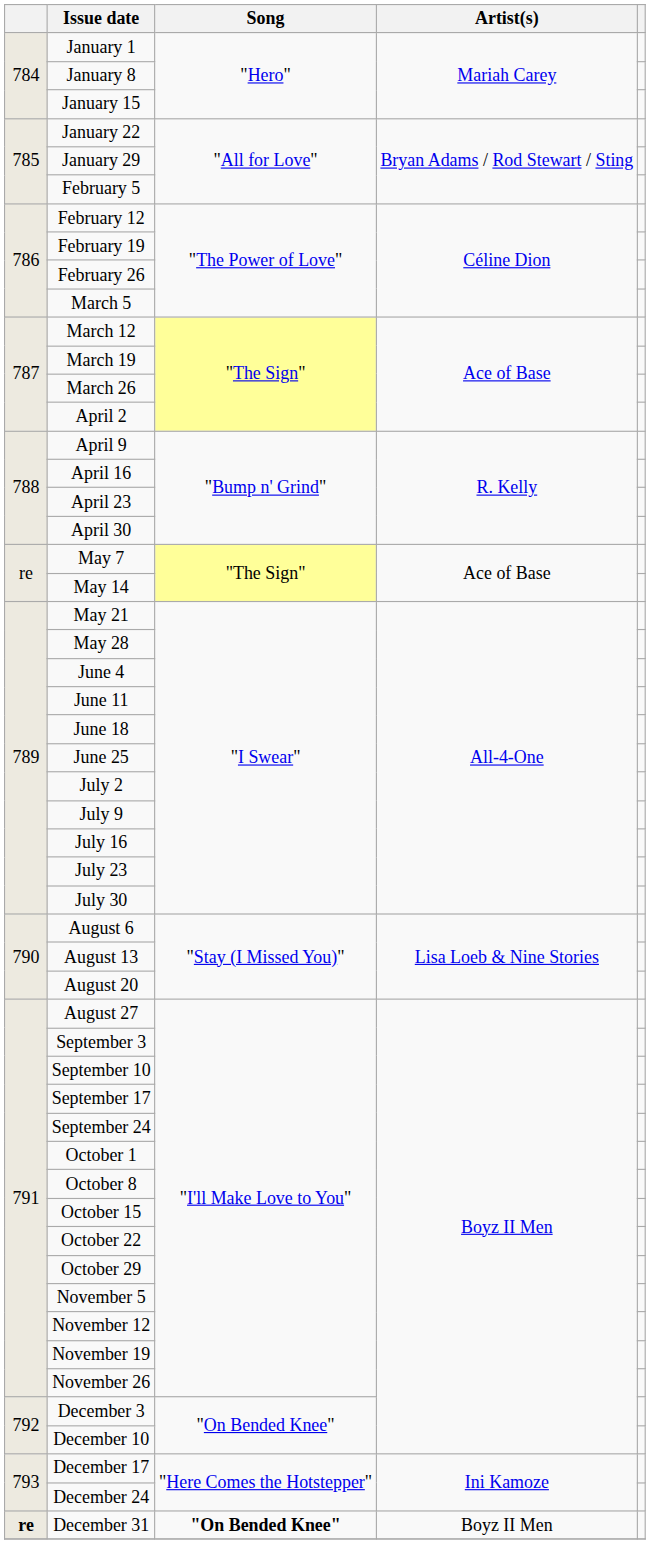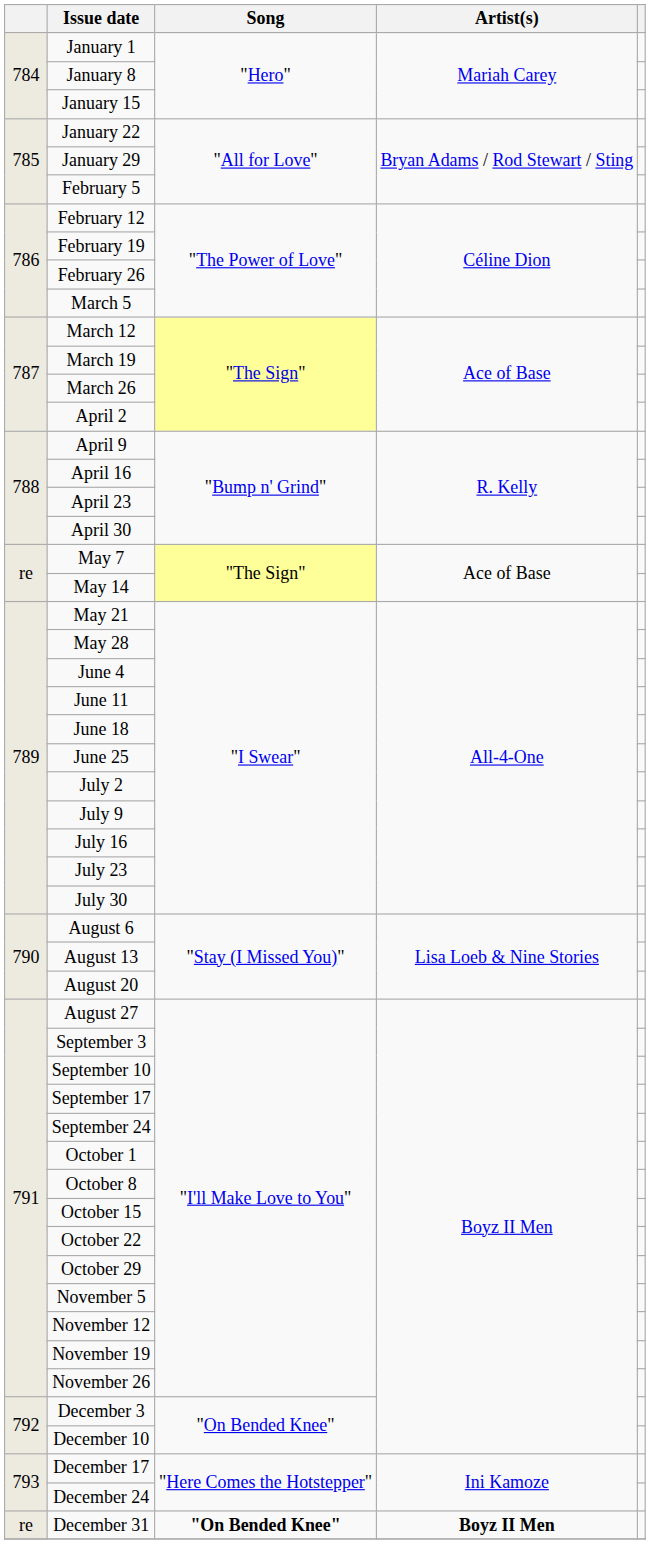 <table class="wikitable">
 <tr>
 <th width=31></th>
 <th align="center">Issue date</th>
 <th align="center">Song</th>
 <th align="center">Artist(s)</th>
 <th align="center"></th>
 </tr>
 <tr>
 <td bgcolor=#EDEAE0 align=center rowspan=3>784</td>
 <td align="center">January 1</td>
 <td align="center" rowspan="3">"<a href='#'>Hero</a>"</td>
 <td align="center" rowspan="3"><a href='#'>Mariah Carey</a></td>
 <td align="center"></td>
 </tr>
 <tr>
 <td align="center">January 8</td>
 <td align="center"></td>
 </tr>
 <tr>
 <td align="center">January 15</td>
 <td align="center"></td>
 </tr>
 <tr>
 <td bgcolor=#EDEAE0 align=center rowspan=3>785</td>
 <td align="center">January 22</td>
 <td align="center" rowspan="3">"<a href='#'>All for Love</a>"</td>
 <td align="center" rowspan="3"><a href='#'>Bryan Adams</a> / <a href='#'>Rod Stewart</a> / <a href='#'>Sting</a></td>
 <td align="center"></td>
 </tr>
 <tr>
 <td align="center">January 29</td>
 <td align="center"></td>
 </tr>
 <tr>
 <td align="center">February 5</td>
 <td align="center"></td>
 </tr>
 <tr>
 <td bgcolor=#EDEAE0 align=center rowspan=4>786</td>
 <td align="center">February 12</td>
 <td align="center" rowspan="4">"<a href='#'>The Power of Love</a>"</td>
 <td align="center" rowspan="4"><a href='#'>Céline Dion</a></td>
 <td align="center"></td>
 </tr>
 <tr>
 <td align="center">February 19</td>
 <td align="center"></td>
 </tr>
 <tr>
 <td align="center">February 26</td>
 <td align="center"></td>
 </tr>
 <tr>
 <td align="center">March 5</td>
 <td align="center"></td>
 </tr>
 <tr>
 <td bgcolor=#EDEAE0 align=center rowspan=4>787</td>
 <td align="center">March 12</td>
 <td bgcolor=#FFFF99 align="center" rowspan="4">"<a href='#'>The Sign</a>"</td>
 <td align="center" rowspan="4"><a href='#'>Ace of Base</a></td>
 <td align="center"></td>
 </tr>
 <tr>
 <td align="center">March 19</td>
 <td align="center"></td>
 </tr>
 <tr>
 <td align="center">March 26</td>
 <td align="center"></td>
 </tr>
 <tr>
 <td align="center">April 2</td>
 <td align="center"></td>
 </tr>
 <tr>
 <td bgcolor=#EDEAE0 align=center rowspan=4>788</td>
 <td align="center">April 9</td>
 <td align="center" rowspan="4">"<a href='#'>Bump n' Grind</a>"</td>
 <td align="center" rowspan="4"><a href='#'>R. Kelly</a></td>
 <td align="center"></td>
 </tr>
 <tr>
 <td align="center">April 16</td>
 <td align="center"></td>
 </tr>
 <tr>
 <td align="center">April 23</td>
 <td align="center"></td>
 </tr>
 <tr>
 <td align="center">April 30</td>
 <td align="center"></td>
 </tr>
 <tr>
 <td bgcolor=#EDEAE0 align=center rowspan=2>re</td>
 <td align="center">May 7</td>
 <td bgcolor=#FFFF99 align="center" rowspan="2">"The Sign"</td>
 <td align="center" rowspan="2">Ace of Base</td>
 <td align="center"></td>
 </tr>
 <tr>
 <td align="center">May 14</td>
 <td align="center"></td>
 </tr>
 <tr>
 <td bgcolor=#EDEAE0 align=center rowspan=11>789</td>
 <td align="center">May 21</td>
 <td align="center" rowspan="11">"<a href='#'>I Swear</a>"</td>
 <td align="center" rowspan="11"><a href='#'>All-4-One</a></td>
 <td align="center"></td>
 </tr>
 <tr>
 <td align="center">May 28</td>
 <td align="center"></td>
 </tr>
 <tr>
 <td align="center">June 4</td>
 <td align="center"></td>
 </tr>
 <tr>
 <td align="center">June 11</td>
 <td align="center"></td>
 </tr>
 <tr>
 <td align="center">June 18</td>
 <td align="center"></td>
 </tr>
 <tr>
 <td align="center">June 25</td>
 <td align="center"></td>
 </tr>
 <tr>
 <td align="center">July 2</td>
 <td align="center"></td>
 </tr>
 <tr>
 <td align="center">July 9</td>
 <td align="center"></td>
 </tr>
 <tr>
 <td align="center">July 16</td>
 <td align="center"></td>
 </tr>
 <tr>
 <td align="center">July 23</td>
 <td align="center"></td>
 </tr>
 <tr>
 <td align="center">July 30</td>
 <td align="center"></td>
 </tr>
 <tr>
 <td bgcolor=#EDEAE0 align=center rowspan=3>790</td>
 <td align="center">August 6</td>
 <td align="center" rowspan="3">"<a href='#'>Stay (I Missed You)</a>"</td>
 <td align="center" rowspan="3"><a href='#'>Lisa Loeb & Nine Stories</a></td>
 <td align="center"></td>
 </tr>
 <tr>
 <td align="center">August 13</td>
 <td align="center"></td>
 </tr>
 <tr>
 <td align="center">August 20</td>
 <td align="center"></td>
 </tr>
 <tr>
 <td bgcolor=#EDEAE0 align=center rowspan=14>791</td>
 <td align="center">August 27</td>
 <td align="center" rowspan="14">"<a href='#'>I'll Make Love to You</a>"</td>
 <td align="center" rowspan="16"><a href='#'>Boyz II Men</a></td>
 <td align="center"></td>
 </tr>
 <tr>
 <td align="center">September 3</td>
 <td align="center"></td>
 </tr>
 <tr>
 <td align="center">September 10</td>
 <td align="center"></td>
 </tr>
 <tr>
 <td align="center">September 17</td>
 <td align="center"></td>
 </tr>
 <tr>
 <td align="center">September 24</td>
 <td align="center"></td>
 </tr>
 <tr>
 <td align="center">October 1</td>
 <td align="center"></td>
 </tr>
 <tr>
 <td align="center">October 8</td>
 <td align="center"></td>
 </tr>
 <tr>
 <td align="center">October 15</td>
 <td align="center"></td>
 </tr>
 <tr>
 <td align="center">October 22</td>
 <td align="center"></td>
 </tr>
 <tr>
 <td align="center">October 29</td>
 <td align="center"></td>
 </tr>
 <tr>
 <td align="center">November 5</td>
 <td align="center"></td>
 </tr>
 <tr>
 <td align="center">November 12</td>
 <td align="center"></td>
 </tr>
 <tr>
 <td align="center">November 19</td>
 <td align="center"></td>
 </tr>
 <tr>
 <td align="center">November 26</td>
 <td align="center"></td>
 </tr>
 <tr>
 <td bgcolor=#EDEAE0 align=center rowspan=2>792</td>
 <td align="center">December 3</td>
 <td align="center" rowspan="2">"<a href='#'>On Bended Knee</a>"</td>
 <td align="center"></td>
 </tr>
 <tr>
 <td align="center">December 10</td>
 <td align="center"></td>
 </tr>
 <tr>
 <td bgcolor=#EDEAE0 align=center rowspan=2>793</td>
 <td align="center">December 17</td>
 <td align="center" rowspan="2">"<a href='#'>Here Comes the Hotstepper</a>"</td>
 <td align="center" rowspan="2"><a href='#'>Ini Kamoze</a></td>
 <td align="center"></td>
 </tr>
 <tr>
 <td align="center">December 24</td>
 <td align="center"></td>
 </tr>
 <tr>
-<td bgcolor=#EDEAE0 align=center><strong>re</strong></td>
+<td bgcolor=#EDEAE0 align=center>re</td>
 <td align="center">December 31</td>
 <td align="center"><strong>"On Bended Knee"</strong></td>
-<td align="center">Boyz II Men</td>
+<td align="center"><strong>Boyz II Men</strong></td>
 <td align="center"></td>
 </tr>
 <tr>
 </tr>
 </table>
